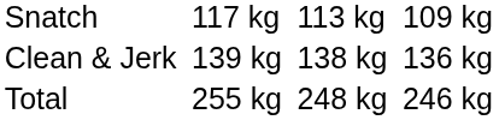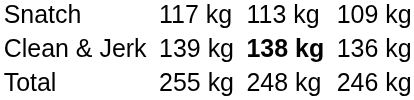 <table>
 <tr>
 <td>Snatch</td>
 <td></td>
 <td>117 kg</td>
 <td></td>
 <td>113 kg</td>
 <td></td>
 <td>109 kg</td>
 </tr>
 <tr>
 <td>Clean & Jerk</td>
 <td></td>
 <td>139 kg</td>
 <td></td>
-<td>138 kg</td>
+<td><strong>138 kg</strong></td>
 <td></td>
 <td>136 kg</td>
 </tr>
 <tr>
 <td>Total</td>
 <td></td>
 <td>255 kg</td>
 <td></td>
 <td>248 kg</td>
 <td></td>
 <td>246 kg</td>
 </tr>
 </table>
